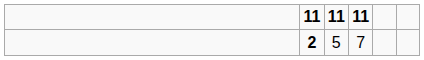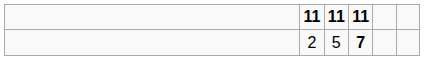 <table class="wikitable">
 <tr>
 <td style="width:18em"></td>
 <td align=center style="width:1em"><strong>11</strong></td>
 <td align=center style="width:1em"><strong>11</strong></td>
 <td align=center style="width:1em"><strong>11</strong></td>
 <td align=center style="width:1em"></td>
 <td align=center style="width:1em"></td>
 </tr>
 <tr>
 <td style="width:18em"></td>
-<td align=center style="width:1em"><strong>2</strong></td>
+<td align=center style="width:1em">2</td>
 <td align=center style="width:1em">5</td>
-<td align=center style="width:1em">7</td>
+<td align=center style="width:1em"><strong>7</strong></td>
 <td align=center style="width:1em"></td>
 <td align=center style="width:1em"></td>
 </tr>
 </table>
